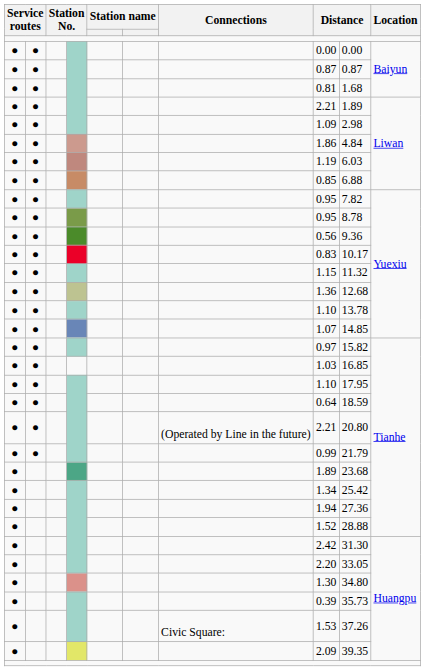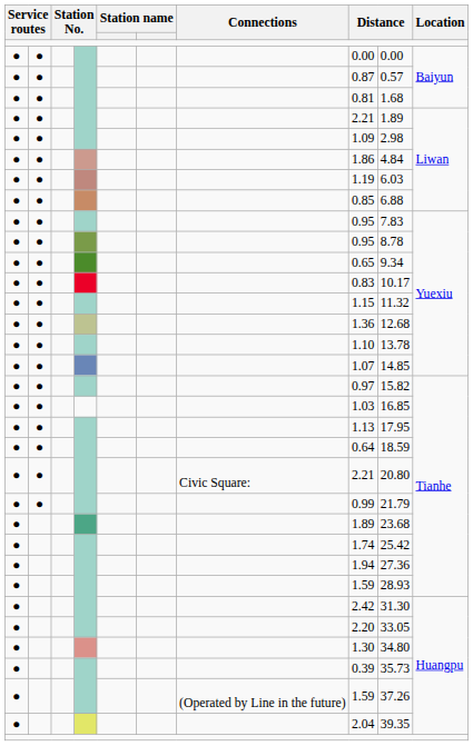 <table class="wikitable">
 <tr>
 <th rowspan="2" colspan="2">Service<br>routes</th>
 <th rowspan="2" colspan="2">Station<br>No.</th>
 <th colspan="2">Station name</th>
 <th rowspan="2">Connections</th>
 <th colspan="2" rowspan="2">Distance<br></th>
 <th rowspan="2">Location</th>
 </tr>
 <tr>
 <th></th>
 <th></th>
 </tr>
 <tr style="background:#">
 <td colspan = "10"></td>
 </tr>
 <tr>
 <td align="center">●</td>
 <td align="center">●</td>
 <td></td>
 <td rowspan="5" style="background:#9FD4C9"></td>
 <td></td>
 <td></td>
 <td> </td>
 <td>0.00</td>
 <td>0.00</td>
 <td rowspan=3><a href='#'>Baiyun</a></td>
 </tr>
 <tr>
 <td align="center">●</td>
 <td align="center">●</td>
 <td></td>
 <td></td>
 <td></td>
 <td></td>
 <td>0.87</td>
-<td>0.87</td>
+<td>0.57</td>
 </tr>
 <tr>
 <td align="center">●</td>
 <td align="center">●</td>
 <td></td>
 <td></td>
 <td></td>
 <td></td>
 <td>0.81</td>
 <td>1.68</td>
 </tr>
 <tr>
 <td align="center">●</td>
 <td align="center">●</td>
 <td></td>
 <td></td>
 <td></td>
 <td></td>
 <td>2.21</td>
 <td>1.89</td>
 <td rowspan=5><a href='#'>Liwan</a></td>
 </tr>
 <tr>
 <td align="center">●</td>
 <td align="center">●</td>
 <td></td>
 <td></td>
 <td></td>
 <td> </td>
 <td>1.09</td>
 <td>2.98</td>
 </tr>
 <tr>
 <td align="center">●</td>
 <td align="center">●</td>
 <td></td>
 <td style="background:#CC9A8E"></td>
 <td></td>
 <td></td>
 <td> </td>
 <td>1.86</td>
 <td>4.84</td>
 </tr>
 <tr>
 <td align="center">●</td>
 <td align="center">●</td>
 <td></td>
 <td style="background:#BF887E"></td>
 <td></td>
 <td></td>
 <td> </td>
 <td>1.19</td>
 <td>6.03</td>
 </tr>
 <tr>
 <td align="center">●</td>
 <td align="center">●</td>
 <td></td>
 <td style="background:#C78B66"></td>
 <td></td>
 <td></td>
 <td> </td>
 <td>0.85</td>
 <td>6.88</td>
 </tr>
 <tr>
 <td align="center">●</td>
 <td align="center">●</td>
 <td></td>
 <td style="background:#9FD4C9"></td>
 <td></td>
 <td></td>
 <td></td>
 <td>0.95</td>
-<td>7.82</td>
+<td>7.83</td>
 <td rowspan=8><a href='#'>Yuexiu</a></td>
 </tr>
 <tr>
 <td align="center">●</td>
 <td align="center">●</td>
 <td></td>
 <td style="background:#7A9B49"></td>
 <td></td>
 <td></td>
 <td> </td>
 <td>0.95</td>
 <td>8.78</td>
 </tr>
 <tr>
 <td align="center">●</td>
 <td align="center">●</td>
 <td></td>
 <td style="background:#4B8B2A"></td>
 <td></td>
 <td></td>
 <td></td>
-<td>0.56</td>
-<td>9.36</td>
+<td>0.65</td>
+<td>9.34</td>
 </tr>
 <tr>
 <td align="center">●</td>
 <td align="center">●</td>
 <td></td>
 <td style="background:#EB0028"></td>
 <td></td>
 <td></td>
 <td></td>
 <td>0.83</td>
 <td>10.17</td>
 </tr>
 <tr>
 <td align="center">●</td>
 <td align="center">●</td>
 <td></td>
 <td style="background:#9FD4C9"></td>
 <td></td>
 <td></td>
 <td>   </td>
 <td>1.15</td>
 <td>11.32</td>
 </tr>
 <tr>
 <td align="center">●</td>
 <td align="center">●</td>
 <td></td>
 <td style="background:#BDC391"></td>
 <td></td>
 <td></td>
 <td> <em></td>
 <td>1.36</td>
 <td>12.68</td>
 </tr>
 <tr>
 <td align="center">●</td>
 <td align="center">●</td>
 <td></td>
 <td style="background:#9FD4C9"></td>
 <td></td>
 <td></td>
 <td> </td>
 <td>1.10</td>
 <td>13.78</td>
 </tr>
 <tr>
 <td align="center">●</td>
 <td align="center">●</td>
 <td></td>
 <td style="background:#6986B7"></td>
 <td></td>
 <td></td>
 <td></td>
 <td>1.07</td>
 <td>14.85</td>
 </tr>
 <tr>
 <td align="center">●</td>
 <td align="center">●</td>
 <td></td>
 <td style="background:#9FD4C9"></td>
 <td></td>
 <td></td>
 <td></td>
 <td>0.97</td>
 <td>15.82</td>
 <td rowspan=10><a href='#'>Tianhe</a></td>
 </tr>
 <tr>
 <td align="center">●</td>
 <td align="center">●</td>
 <td></td>
 <td style="background:light-grey"></td>
 <td></td>
 <td></td>
 <td> </td>
 <td>1.03</td>
 <td>16.85</td>
 </tr>
 <tr>
 <td align="center">●</td>
 <td align="center">●</td>
 <td></td>
 <td rowspan="4" style="background:#9FD4C9"></td>
 <td></td>
 <td></td>
 <td></td>
-<td>1.10</td>
+<td>1.13</td>
 <td>17.95</td>
 </tr>
 <tr>
 <td align="center">●</td>
 <td align="center">●</td>
 <td></td>
 <td></td>
 <td></td>
 <td> </td>
 <td>0.64</td>
 <td>18.59</td>
 </tr>
 <tr>
 <td align="center">●</td>
 <td align="center">●</td>
 <td></td>
 <td></td>
 <td></td>
-<td> <br>(Operated by Line  in the future)</td>
+<td> <br>Civic Square: </td>
 <td>2.21</td>
 <td>20.80</td>
 </tr>
 <tr>
 <td align="center">●</td>
 <td align="center">●</td>
 <td></td>
 <td></td>
 <td></td>
 <td></td>
 <td>0.99</td>
 <td>21.79</td>
 </tr>
 <tr>
 <td align="center">●</td>
 <td align="center"></td>
 <td></td>
 <td style="background:#4CA686"></td>
 <td></td>
 <td></td>
 <td></td>
 <td>1.89</td>
 <td>23.68</td>
 </tr>
 <tr>
 <td align="center">●</td>
 <td align="center"></td>
 <td></td>
 <td rowspan="5" style="background:#9FD4C9"></td>
 <td></td>
 <td></td>
 <td></td>
-<td>1.34</td>
+<td>1.74</td>
 <td>25.42</td>
 </tr>
 <tr>
 <td align="center">●</td>
 <td align="center"></td>
 <td></td>
 <td></td>
 <td></td>
 <td></td>
 <td>1.94</td>
 <td>27.36</td>
 </tr>
 <tr>
 <td align="center">●</td>
 <td align="center"></td>
 <td></td>
 <td></td>
 <td></td>
 <td></td>
-<td>1.52</td>
-<td>28.88</td>
+<td>1.59</td>
+<td>28.93</td>
 </tr>
 <tr>
 <td align="center">●</td>
 <td align="center"></td>
 <td></td>
 <td></td>
 <td></td>
 <td></td>
 <td>2.42</td>
 <td>31.30</td>
 <td rowspan=6><a href='#'>Huangpu</a></td>
 </tr>
 <tr>
 <td align="center">●</td>
 <td align="center"></td>
 <td></td>
 <td></td>
 <td></td>
 <td></td>
 <td>2.20</td>
 <td>33.05</td>
 </tr>
 <tr>
 <td align="center">●</td>
 <td align="center"></td>
 <td></td>
 <td style="background:#DB918A"></td>
 <td></td>
 <td></td>
 <td></td>
 <td>1.30</td>
 <td>34.80</td>
 </tr>
 <tr>
 <td align="center">●</td>
 <td align="center"></td>
 <td></td>
 <td rowspan="2" style="background:#9FD4C9"></td>
 <td></td>
 <td></td>
 <td> </td>
 <td>0.39</td>
 <td>35.73</td>
 </tr>
 <tr>
 <td align="center">●</td>
 <td align="center"></td>
 <td></td>
 <td></td>
 <td></td>
-<td> <br>Civic Square: </td>
-<td>1.53</td>
+<td> <br>(Operated by Line  in the future)</td>
+<td>1.59</td>
 <td>37.26</td>
 </tr>
 <tr>
 <td align="center">●</td>
 <td align="center"></td>
 <td></td>
 <td style="background:#E2E768"></td>
 <td></td>
 <td></td>
 <td> </td>
-<td>2.09</td>
+<td>2.04</td>
 <td>39.35</td>
 </tr>
 <tr style="background:#">
 <td colspan = "10"></td>
 </tr>
 </table>
